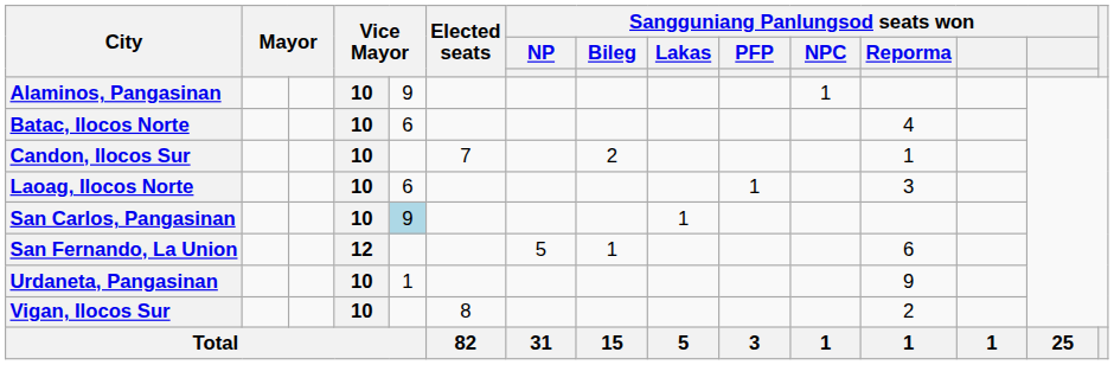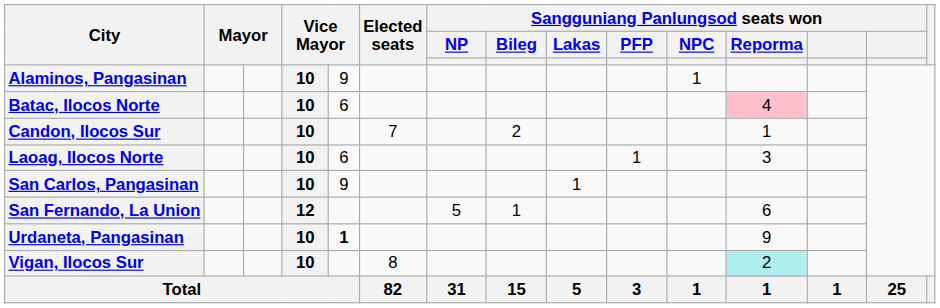 <table class="wikitable" style="text-align:center; font-size: 0.9em;">
 <tr>
 <th rowspan="3">City</th>
 <th colspan="2" rowspan="3" style="width:60px;">Mayor</th>
 <th colspan="2" rowspan="3" style="width:60px;">Vice Mayor</th>
 <th rowspan="3">Elected<br>seats</th>
 <th colspan="8"><a href='#'>Sangguniang Panlungsod</a> seats won</th>
 <th rowspan="3"></th>
 </tr>
 <tr>
 <th class="unsortable" style="width:45px;"><a href='#'>NP</a></th>
 <th class="unsortable" style="width:45px;"><a href='#'>Bileg</a></th>
 <th class="unsortable" style="width:45px;"><a href='#'>Lakas</a></th>
 <th class="unsortable" style="width:45px;"><a href='#'>PFP</a></th>
 <th class="unsortable" style="width:45px;"><a href='#'>NPC</a></th>
 <th class="unsortable" style="width:45px;"><a href='#'>Reporma</a></th>
 <th class="unsortable" style="width:45px;"></th>
 <th class="unsortable" style="width:45px;"></th>
 </tr>
 <tr>
 <th style="color:inherit;background:"></th>
 <th style="color:inherit;background:"></th>
 <th style="color:inherit;background:"></th>
 <th style="color:inherit;background:"></th>
 <th style="color:inherit;background:"></th>
 <th style="color:inherit;background:"></th>
 <th></th>
 <th style="color:inherit;background:"></th>
 </tr>
 <tr>
 <th style="text-align: left;"><a href='#'>Alaminos, Pangasinan</a></th>
 <td></td>
 <td></td>
 <th>10</th>
 <td>9</td>
 <td></td>
 <td></td>
 <td></td>
 <td></td>
 <td></td>
 <td>1</td>
 <td></td>
 <td></td>
 </tr>
 <tr>
 <th style="text-align: left;"><a href='#'>Batac, Ilocos Norte</a></th>
 <td></td>
 <td></td>
 <th>10</th>
 <td>6</td>
 <td></td>
 <td></td>
 <td></td>
 <td></td>
 <td></td>
 <td></td>
-<td>4</td>
+<td style="background: pink;">4</td>
 <td></td>
 </tr>
 <tr>
 <th style="text-align: left;"><a href='#'>Candon, Ilocos Sur</a></th>
 <td></td>
 <td></td>
 <th>10</th>
 <td></td>
 <td>7</td>
 <td></td>
 <td>2</td>
 <td></td>
 <td></td>
 <td></td>
 <td>1</td>
 <td></td>
 </tr>
 <tr>
 <th style="text-align: left;"><a href='#'>Laoag, Ilocos Norte</a></th>
 <td></td>
 <td></td>
 <th>10</th>
 <td>6</td>
 <td></td>
 <td></td>
 <td></td>
 <td></td>
 <td>1</td>
 <td></td>
 <td>3</td>
 <td></td>
 </tr>
 <tr>
 <th style="text-align: left;"><a href='#'>San Carlos, Pangasinan</a></th>
 <td></td>
 <td></td>
 <th>10</th>
-<td style="background: lightblue;">9</td>
+<td>9</td>
 <td></td>
 <td></td>
 <td></td>
 <td>1</td>
 <td></td>
 <td></td>
 <td></td>
 <td></td>
 </tr>
 <tr>
 <th style="text-align: left;"><a href='#'>San Fernando, La Union</a></th>
 <td></td>
 <td></td>
 <th>12</th>
 <td></td>
 <td></td>
 <td>5</td>
 <td>1</td>
 <td></td>
 <td></td>
 <td></td>
 <td>6</td>
 <td></td>
 </tr>
 <tr>
 <th style="text-align: left;"><a href='#'>Urdaneta, Pangasinan</a></th>
 <td></td>
 <td></td>
 <th>10</th>
-<td>1</td>
+<td><strong>1</strong></td>
 <td></td>
 <td></td>
 <td></td>
 <td></td>
 <td></td>
 <td></td>
 <td>9</td>
 <td></td>
 </tr>
 <tr>
 <th style="text-align: left;"><a href='#'>Vigan, Ilocos Sur</a></th>
 <td></td>
 <td></td>
 <th>10</th>
 <td></td>
 <td>8</td>
 <td></td>
 <td></td>
 <td></td>
 <td></td>
 <td></td>
-<td>2</td>
+<td style="background: paleturquoise;">2</td>
 <td></td>
 </tr>
 <tr>
 <th colspan="5">Total</th>
 <th>82</th>
 <th>31</th>
 <th>15</th>
 <th>5</th>
 <th>3</th>
 <th>1</th>
 <th>1</th>
 <th>1</th>
 <th>25</th>
 <th></th>
 </tr>
 </table>
